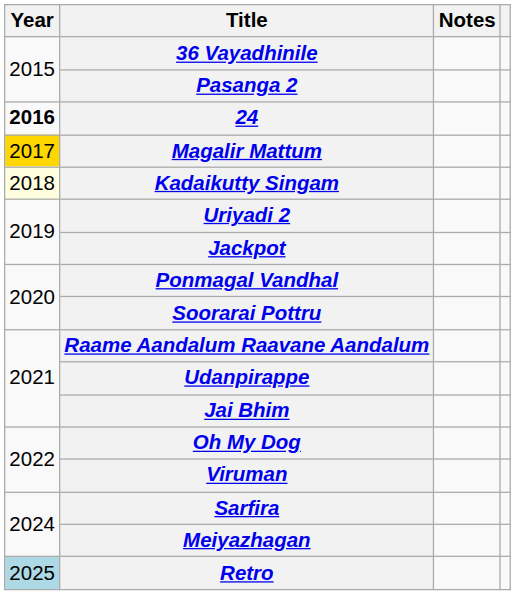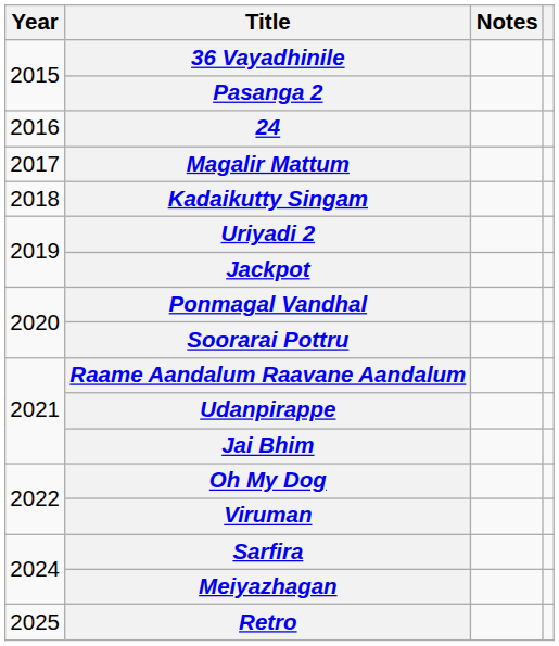 <table class="wikitable plainrowheaders sortable" style="margin-right: 0;">
 <tr>
 <th scope="col">Year</th>
 <th scope="col">Title</th>
 <th scope="col" class="unsortable">Notes</th>
 <th scope="col" class="unsortable"></th>
 </tr>
 <tr>
 <td rowspan="2">2015</td>
 <th scope="row"><em><a href='#'>36 Vayadhinile</a></em></th>
 <td></td>
 <td style="text-align:center;"></td>
 </tr>
 <tr>
 <th scope="row"><em><a href='#'>Pasanga 2</a></em></th>
 <td></td>
 <td style="text-align:center;"></td>
 </tr>
 <tr>
-<td><strong>2016</strong></td>
+<td>2016</td>
 <th scope="row"><em><a href='#'>24</a></em></th>
 <td></td>
 <td style="text-align:center;"></td>
 </tr>
 <tr>
-<td style="background: gold;">2017</td>
+<td>2017</td>
 <th scope="row"><em><a href='#'>Magalir Mattum</a></em></th>
 <td></td>
 <td style="text-align:center;"></td>
 </tr>
 <tr>
-<td style="background: lightyellow;">2018</td>
+<td>2018</td>
 <th scope="row"><em><a href='#'>Kadaikutty Singam</a></em></th>
 <td></td>
 <td style="text-align:center;"></td>
 </tr>
 <tr>
 <td rowspan="2">2019</td>
 <th scope="row"><em><a href='#'>Uriyadi 2</a></em></th>
 <td></td>
 <td style="text-align:center;"></td>
 </tr>
 <tr>
 <th scope="row"><em><a href='#'>Jackpot</a></em></th>
 <td></td>
 <td style="text-align:center;"></td>
 </tr>
 <tr>
 <td rowspan="2">2020</td>
 <th scope="row"><em><a href='#'>Ponmagal Vandhal</a></em></th>
 <td></td>
 <td style="text-align:center;"></td>
 </tr>
 <tr>
 <th scope="row"><em><a href='#'>Soorarai Pottru</a></em></th>
 <td></td>
 <td style="text-align:center;"></td>
 </tr>
 <tr>
 <td rowspan="3">2021</td>
 <th scope="row"><em><a href='#'>Raame Aandalum Raavane Aandalum</a></em></th>
 <td></td>
 <td style="text-align:center;"></td>
 </tr>
 <tr>
 <th scope="row"><em><a href='#'>Udanpirappe</a></em></th>
 <td></td>
 <td style="text-align:center;"></td>
 </tr>
 <tr>
 <th scope="row"><em><a href='#'>Jai Bhim</a></em></th>
 <td></td>
 <td style="text-align:center;"></td>
 </tr>
 <tr>
 <td rowspan="2">2022</td>
 <th scope="row"><em><a href='#'>Oh My Dog</a></em></th>
 <td></td>
 <td style="text-align:center;"></td>
 </tr>
 <tr>
 <th scope="row"><em><a href='#'>Viruman</a></em></th>
 <td></td>
 <td style="text-align:center;"></td>
 </tr>
 <tr>
 <td rowspan="2">2024</td>
 <th scope="row"><em><a href='#'>Sarfira</a></em></th>
 <td></td>
 <td style="text-align:center;"></td>
 </tr>
 <tr>
 <th scope= "row"><em><a href='#'>Meiyazhagan</a></em></th>
 <td></td>
 <td style="text-align:center;"></td>
 </tr>
 <tr>
-<td style="background: lightblue;">2025</td>
+<td>2025</td>
 <th scope= "row"><em><a href='#'>Retro</a></em></th>
 <td></td>
 <td style="text-align:center;"></td>
 </tr>
 </table>
